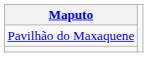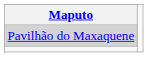 <table class="wikitable" style="text-align:center;">
 <tr>
 <th><a href='#'>Maputo</a></th>
 <td rowspan="4"><br></td>
 </tr>
 <tr>
-<td><a href='#'>Pavilhão do Maxaquene</a> </td>
+<td style="background: lightgrey;"><a href='#'>Pavilhão do Maxaquene</a> </td>
 </tr>
 <tr>
 <td></td>
 </tr>
 </table>
